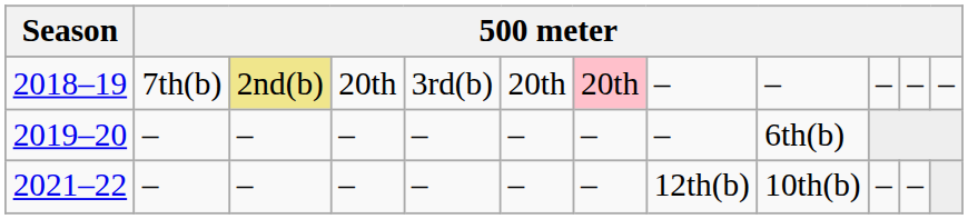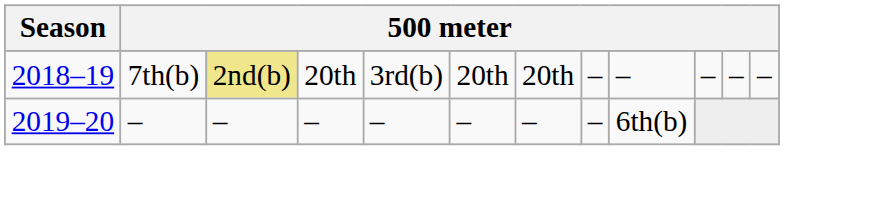 <table class="wikitable" style="display: inline-table;">
 <tr>
 <th>Season</th>
 <th colspan="11">500 meter</th>
 </tr>
 <tr>
 <td><a href='#'>2018–19</a></td>
 <td>7th(b)</td>
 <td style="background: khaki;">2nd(b)</td>
 <td>20th</td>
 <td>3rd(b)</td>
 <td>20th</td>
-<td style="background: pink;">20th</td>
+<td>20th</td>
 <td>–</td>
 <td>–</td>
 <td>–</td>
 <td>–</td>
 <td>–</td>
 </tr>
 <tr>
 <td><a href='#'>2019–20</a></td>
 <td>–</td>
 <td>–</td>
 <td>–</td>
 <td>–</td>
 <td>–</td>
 <td>–</td>
 <td>–</td>
 <td>6th(b)</td>
 <td colspan="3" bgcolor=#EEEEEE></td>
 </tr>
-<tr>
-<td><a href='#'>2021–22</a></td>
-<td>–</td>
-<td>–</td>
-<td>–</td>
-<td>–</td>
-<td>–</td>
-<td>–</td>
-<td>12th(b)</td>
-<td>10th(b)</td>
-<td>–</td>
-<td>–</td>
-<td colspan="1" bgcolor=#EEEEEE></td>
-</tr>
 </table>
